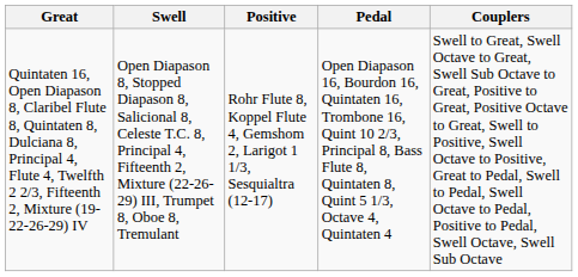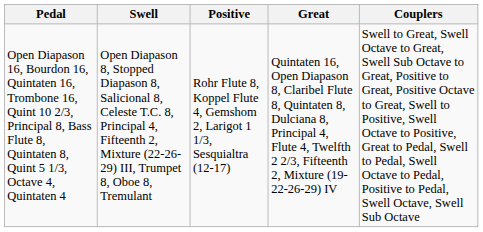 <table class="wikitable">
 <tr>
-<th>Great</th>
+<th>Pedal</th>
 <th>Swell</th>
 <th>Positive</th>
-<th>Pedal</th>
+<th>Great</th>
 <th>Couplers</th>
 </tr>
 <tr>
-<td>Quintaten 16, Open Diapason 8, Claribel Flute 8, Quintaten 8, Dulciana 8, Principal 4, Flute 4, Twelfth 2 2/3, Fifteenth 2, Mixture (19-22-26-29) IV</td>
+<td>Open Diapason 16, Bourdon 16, Quintaten 16, Trombone 16, Quint 10 2/3, Principal 8, Bass Flute 8, Quintaten 8, Quint 5 1/3, Octave 4, Quintaten 4</td>
 <td>Open Diapason 8, Stopped Diapason 8, Salicional 8, Celeste T.C. 8, Principal 4, Fifteenth 2, Mixture (22-26-29) III, Trumpet 8, Oboe 8, Tremulant</td>
 <td>Rohr Flute 8, Koppel Flute 4, Gemshom 2, Larigot 1 1/3, Sesquialtra (12-17)</td>
-<td>Open Diapason 16, Bourdon 16, Quintaten 16, Trombone 16, Quint 10 2/3, Principal 8, Bass Flute 8, Quintaten 8, Quint 5 1/3, Octave 4, Quintaten 4</td>
+<td>Quintaten 16, Open Diapason 8, Claribel Flute 8, Quintaten 8, Dulciana 8, Principal 4, Flute 4, Twelfth 2 2/3, Fifteenth 2, Mixture (19-22-26-29) IV</td>
 <td>Swell to Great, Swell Octave to Great, Swell Sub Octave to Great, Positive to Great, Positive Octave to Great, Swell to Positive, Swell Octave to Positive, Great to Pedal, Swell to Pedal, Swell Octave to Pedal, Positive to Pedal, Swell Octave, Swell Sub Octave</td>
 </tr>
 </table>
